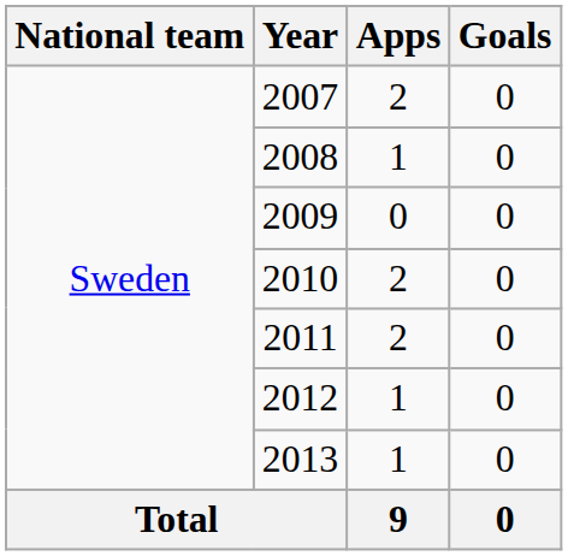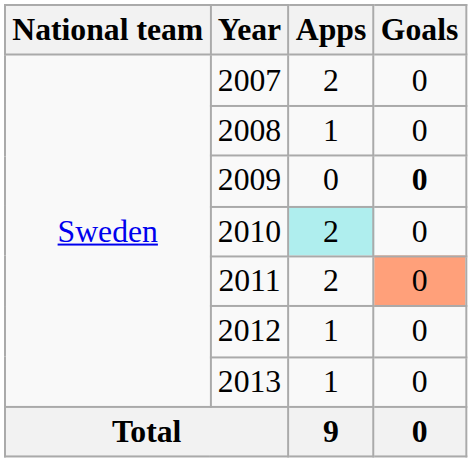 <table class="wikitable" style="text-align:center">
 <tr>
 <th>National team</th>
 <th>Year</th>
 <th>Apps</th>
 <th>Goals</th>
 </tr>
 <tr>
 <td rowspan="7"><a href='#'>Sweden</a></td>
 <td>2007</td>
 <td>2</td>
 <td>0</td>
 </tr>
 <tr>
 <td>2008</td>
 <td>1</td>
 <td>0</td>
 </tr>
 <tr>
 <td>2009</td>
 <td>0</td>
-<td>0</td>
+<td><strong>0</strong></td>
 </tr>
 <tr>
 <td>2010</td>
-<td>2</td>
+<td style="background: paleturquoise;">2</td>
 <td>0</td>
 </tr>
 <tr>
 <td>2011</td>
 <td>2</td>
-<td>0</td>
+<td style="background: lightsalmon;">0</td>
 </tr>
 <tr>
 <td>2012</td>
 <td>1</td>
 <td>0</td>
 </tr>
 <tr>
 <td>2013</td>
 <td>1</td>
 <td>0</td>
 </tr>
 <tr>
 <th colspan="2">Total</th>
 <th>9</th>
 <th>0</th>
 </tr>
 </table>
